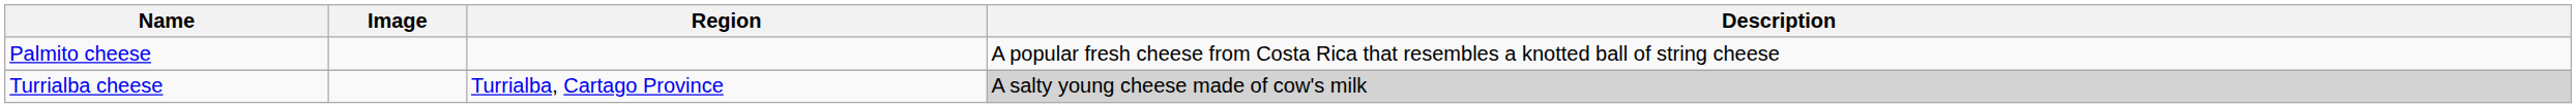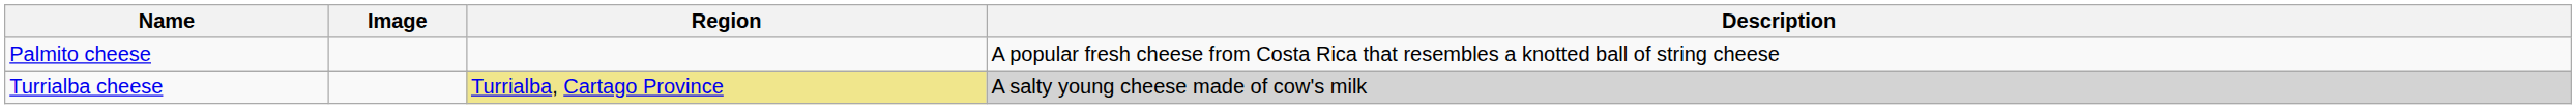 <table class="wikitable sortable" style="width:100%">
 <tr>
 <th>Name</th>
 <th class="unsortable">Image</th>
 <th>Region</th>
 <th>Description</th>
 </tr>
 <tr>
 <td><a href='#'>Palmito cheese</a></td>
 <td></td>
 <td></td>
 <td>A popular fresh cheese from Costa Rica that resembles a knotted ball of string cheese</td>
 </tr>
 <tr>
 </tr>
 <tr>
 <td><a href='#'>Turrialba cheese</a></td>
 <td></td>
-<td><a href='#'>Turrialba</a>, <a href='#'>Cartago Province</a></td>
+<td style="background: khaki;"><a href='#'>Turrialba</a>, <a href='#'>Cartago Province</a></td>
 <td style="background: lightgrey;">A salty young cheese made of cow's milk</td>
 </tr>
 </table>
